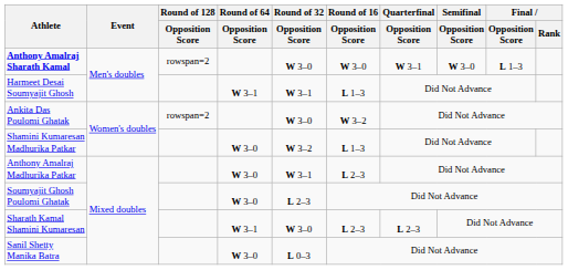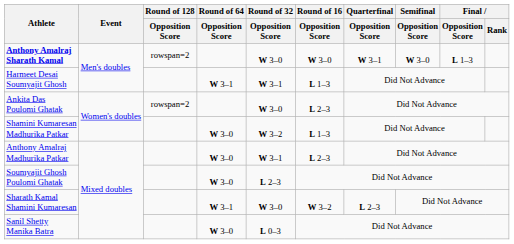 <table class=wikitable style="text-align:center; font-size:90%">
 <tr>
 <th rowspan=2>Athlete</th>
 <th rowspan=2>Event</th>
 <th>Round of 128</th>
 <th>Round of 64</th>
 <th>Round of 32</th>
 <th>Round of 16</th>
 <th>Quarterfinal</th>
 <th>Semifinal</th>
 <th colspan=2>Final / </th>
 </tr>
 <tr>
 <th>Opposition<br>Score</th>
 <th>Opposition<br>Score</th>
 <th>Opposition<br>Score</th>
 <th>Opposition<br>Score</th>
 <th>Opposition<br>Score</th>
 <th>Opposition<br>Score</th>
 <th>Opposition<br>Score</th>
 <th>Rank</th>
 </tr>
 <tr>
 <td align=left><strong><a href='#'>Anthony Amalraj</a><br><a href='#'>Sharath Kamal</a></strong></td>
 <td align=left rowspan=2><a href='#'>Men's doubles</a></td>
 <td>rowspan=2 </td>
 <td></td>
 <td><br><strong>W</strong> 3–0</td>
 <td><br><strong>W</strong> 3–0</td>
 <td><br><strong>W</strong> 3–1</td>
 <td><br><strong>W</strong> 3–0</td>
 <td><br><strong>L</strong> 1–3</td>
 <td></td>
 </tr>
 <tr>
 <td align=left><a href='#'>Harmeet Desai</a><br><a href='#'>Soumyajit Ghosh</a></td>
 <td></td>
 <td><br><strong>W</strong> 3–1</td>
 <td><br><strong>W</strong> 3–1</td>
 <td><br><strong>L</strong> 1–3</td>
 <td colspan="3">Did Not Advance</td>
 </tr>
 <tr>
 <td align=left><a href='#'>Ankita Das</a><br><a href='#'>Poulomi Ghatak</a></td>
 <td align=left rowspan=2><a href='#'>Women's doubles</a></td>
 <td>rowspan=2 </td>
 <td></td>
 <td><br><strong>W</strong> 3–0</td>
-<td><br><strong>W</strong> 3–2</td>
+<td><br><strong>L</strong> 2–3</td>
 <td colspan="4">Did Not Advance</td>
 </tr>
 <tr>
 <td align=left><a href='#'>Shamini Kumaresan</a><br><a href='#'>Madhurika Patkar</a></td>
 <td></td>
 <td><br><strong>W</strong> 3–0</td>
 <td><br><strong>W</strong> 3–2</td>
 <td><br><strong>L</strong> 1–3</td>
 <td colspan="3">Did Not Advance</td>
 </tr>
 <tr>
 <td align=left><a href='#'>Anthony Amalraj</a><br><a href='#'>Madhurika Patkar</a></td>
 <td align=left rowspan=4><a href='#'>Mixed doubles</a></td>
 <td></td>
 <td><br><strong>W</strong> 3–0</td>
 <td><br><strong>W</strong> 3–1</td>
 <td><br><strong>L</strong> 2–3</td>
 <td colspan="4">Did Not Advance</td>
 </tr>
 <tr>
 <td align=left><a href='#'>Soumyajit Ghosh</a><br><a href='#'>Poulomi Ghatak</a></td>
 <td></td>
 <td><br><strong>W</strong> 3–0</td>
 <td><br><strong>L</strong> 2–3</td>
 <td colspan="5">Did Not Advance</td>
 </tr>
 <tr>
 <td align=left><a href='#'>Sharath Kamal</a><br><a href='#'>Shamini Kumaresan</a></td>
 <td></td>
 <td><br><strong>W</strong> 3–1</td>
 <td><br><strong>W</strong> 3–0</td>
-<td><br><strong>L</strong> 2–3</td>
+<td><br><strong>W</strong> 3–2</td>
 <td><br><strong>L</strong> 2–3</td>
 <td colspan="3">Did Not Advance</td>
 </tr>
 <tr>
 <td align=left><a href='#'>Sanil Shetty</a><br><a href='#'>Manika Batra</a></td>
 <td></td>
 <td><br><strong>W</strong> 3–0</td>
 <td><br><strong>L</strong> 0–3</td>
 <td colspan="5">Did Not Advance</td>
 </tr>
 </table>
